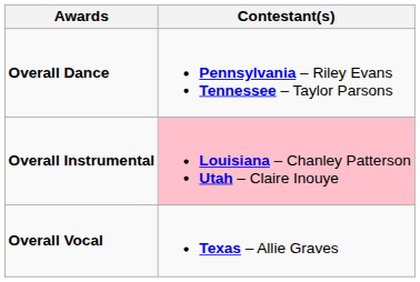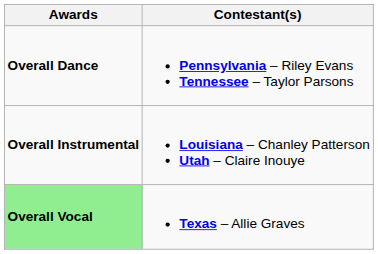 <table class="wikitable">
 <tr>
 <th>Awards</th>
 <th>Contestant(s)</th>
 </tr>
 <tr>
 <td><strong>Overall Dance</strong></td>
 <td><br><ul><li> <strong><a href='#'>Pennsylvania</a></strong> – Riley Evans</li><li> <strong><a href='#'>Tennessee</a></strong> – Taylor Parsons</li></ul></td>
 </tr>
 <tr>
 <td><strong>Overall Instrumental</strong></td>
-<td style="background: pink;"><br><ul><li> <strong><a href='#'>Louisiana</a></strong> – Chanley Patterson</li><li> <strong><a href='#'>Utah</a></strong> – Claire Inouye</li></ul></td>
+<td><br><ul><li> <strong><a href='#'>Louisiana</a></strong> – Chanley Patterson</li><li> <strong><a href='#'>Utah</a></strong> – Claire Inouye</li></ul></td>
 </tr>
 <tr>
-<td><strong>Overall Vocal</strong></td>
+<td style="background: lightgreen;"><strong>Overall Vocal</strong></td>
 <td><br><ul><li> <strong><a href='#'>Texas</a></strong> – Allie Graves</li></ul></td>
 </tr>
 </table>
